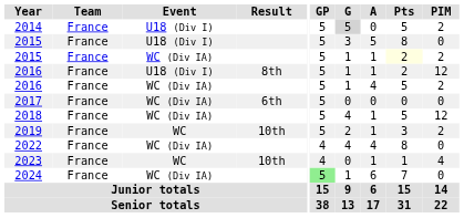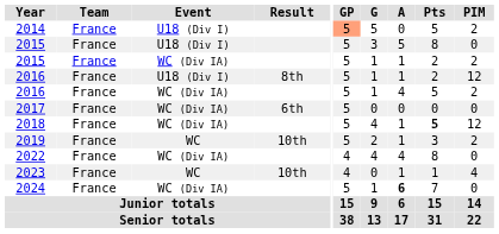 <table border="0" cellpadding="1" cellspacing="0" ID="Table3" style="text-align:center; width:40em;">
 <tr bgcolor="#e0e0e0">
 <th>Year</th>
 <th>Team</th>
 <th>Event</th>
 <th>Result</th>
 <th rowspan="104" bgcolor="#ffffff"></th>
 <th>GP</th>
 <th>G</th>
 <th>A</th>
 <th>Pts</th>
 <th>PIM</th>
 </tr>
 <tr>
 <td><a href='#'>2014</a></td>
 <td><a href='#'>France</a></td>
 <td><a href='#'>U18</a> <small>(Div I)</small></td>
 <td></td>
+<td style="background: lightsalmon;">5</td>
 <td>5</td>
-<td style="background: lightgrey;">5</td>
 <td>0</td>
 <td>5</td>
 <td>2</td>
 </tr>
 <tr bgcolor="#f0f0f0">
 <td><a href='#'>2015</a></td>
 <td>France</td>
 <td>U18 <small>(Div I)</small></td>
 <td></td>
 <td>5</td>
 <td>3</td>
 <td>5</td>
 <td>8</td>
 <td>0</td>
 </tr>
 <tr>
 <td><a href='#'>2015</a></td>
 <td><a href='#'>France</a></td>
 <td><a href='#'>WC</a> <small>(Div IA)</small></td>
 <td></td>
 <td>5</td>
 <td>1</td>
 <td>1</td>
-<td style="background: lightyellow;">2</td>
+<td>2</td>
 <td>2</td>
 </tr>
 <tr bgcolor="#f0f0f0">
 <td><a href='#'>2016</a></td>
 <td>France</td>
 <td>U18 <small>(Div I)</small></td>
 <td>8th</td>
 <td>5</td>
 <td>1</td>
 <td>1</td>
 <td>2</td>
 <td>12</td>
 </tr>
 <tr>
 <td><a href='#'>2016</a></td>
 <td>France</td>
 <td>WC <small>(Div IA)</small></td>
 <td></td>
 <td>5</td>
 <td>1</td>
 <td>4</td>
 <td>5</td>
 <td>2</td>
 </tr>
 <tr bgcolor="#f0f0f0">
 <td><a href='#'>2017</a></td>
 <td>France</td>
 <td>WC <small>(Div IA)</small></td>
 <td>6th</td>
 <td>5</td>
 <td>0</td>
 <td>0</td>
 <td>0</td>
 <td>0</td>
 </tr>
 <tr>
 <td><a href='#'>2018</a></td>
 <td>France</td>
 <td>WC <small>(Div IA)</small></td>
 <td></td>
 <td>5</td>
 <td>4</td>
 <td>1</td>
-<td>5</td>
+<td><strong>5</strong></td>
 <td>12</td>
 </tr>
 <tr bgcolor="#f0f0f0">
 <td><a href='#'>2019</a></td>
 <td>France</td>
 <td>WC</td>
 <td>10th</td>
 <td>5</td>
 <td>2</td>
 <td>1</td>
 <td>3</td>
 <td>2</td>
 </tr>
 <tr>
 <td><a href='#'>2022</a></td>
 <td>France</td>
 <td>WC <small>(Div IA)</small></td>
 <td></td>
 <td>4</td>
 <td>4</td>
 <td>4</td>
 <td>8</td>
 <td>0</td>
 </tr>
 <tr bgcolor="#f0f0f0">
 <td><a href='#'>2023</a></td>
 <td>France</td>
 <td>WC</td>
 <td>10th</td>
 <td>4</td>
 <td>0</td>
 <td>1</td>
 <td>1</td>
 <td>4</td>
 </tr>
 <tr>
 <td><a href='#'>2024</a></td>
 <td>France</td>
 <td>WC <small>(Div IA)</small></td>
 <td></td>
-<td style="background: lightgreen;">5</td>
+<td>5</td>
 <td>1</td>
-<td>6</td>
+<td><strong>6</strong></td>
 <td>7</td>
 <td>0</td>
 </tr>
 <tr bgcolor="#e0e0e0">
 <th colspan="4">Junior totals</th>
 <th>15</th>
 <th>9</th>
 <th>6</th>
 <th>15</th>
 <th>14</th>
 </tr>
 <tr bgcolor="#e0e0e0">
 <th colspan="4">Senior totals</th>
 <th>38</th>
 <th>13</th>
 <th>17</th>
 <th>31</th>
 <th>22</th>
 </tr>
 </table>
